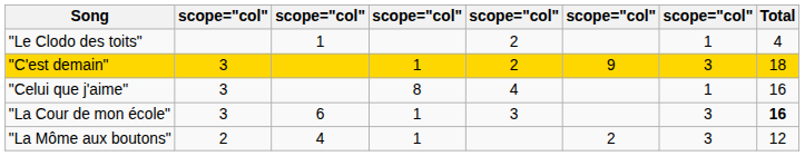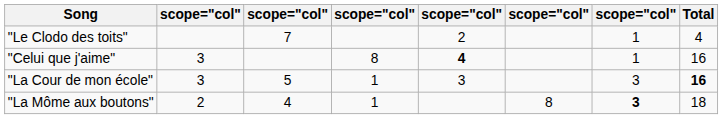 <table class="wikitable plainrowheaders" style="margin: 1em auto 1em auto; text-align:center;">
 <tr>
 <th scope="col">Song</th>
 <th>scope="col" </th>
 <th>scope="col" </th>
 <th>scope="col" </th>
 <th>scope="col" </th>
 <th>scope="col" </th>
 <th>scope="col" </th>
 <th scope="col">Total</th>
 </tr>
 <tr>
 <td align="left">"Le Clodo des toits"</td>
 <td></td>
-<td>1</td>
+<td>7</td>
 <td></td>
 <td>2</td>
 <td></td>
 <td>1</td>
 <td>4</td>
 </tr>
-<tr style="background:gold">
-<td align="left">"C'est demain"</td>
-<td>3</td>
-<td></td>
-<td>1</td>
-<td>2</td>
-<td>9</td>
-<td>3</td>
-<td>18</td>
-</tr>
 <tr>
 <td align="left">"Celui que j'aime"</td>
 <td>3</td>
 <td></td>
 <td>8</td>
-<td>4</td>
+<td><strong>4</strong></td>
 <td></td>
 <td>1</td>
 <td>16</td>
 </tr>
 <tr>
 <td align="left">"La Cour de mon école"</td>
 <td>3</td>
-<td>6</td>
+<td>5</td>
 <td>1</td>
 <td>3</td>
 <td></td>
 <td>3</td>
 <td><strong>16</strong></td>
 </tr>
 <tr>
 <td align="left">"La Môme aux boutons"</td>
 <td>2</td>
 <td>4</td>
 <td>1</td>
 <td></td>
-<td>2</td>
-<td>3</td>
-<td>12</td>
+<td>8</td>
+<td><strong>3</strong></td>
+<td>18</td>
 </tr>
 </table>
